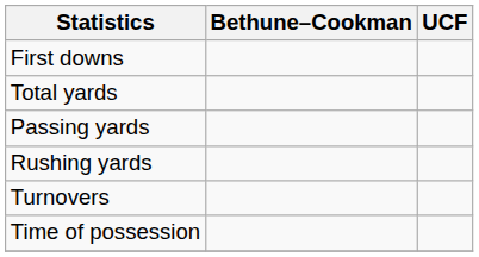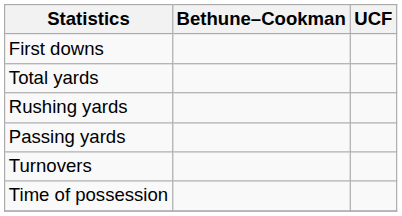 <table class="wikitable">
 <tr>
 <th>Statistics</th>
 <th>Bethune–Cookman</th>
 <th>UCF</th>
 </tr>
 <tr>
 <td>First downs</td>
 <td> </td>
 <td> </td>
 </tr>
 <tr>
 <td>Total yards</td>
 <td> </td>
 <td> </td>
 </tr>
 <tr>
-<td>Passing yards</td>
+<td>Rushing yards</td>
 <td> </td>
 <td> </td>
 </tr>
 <tr>
-<td>Rushing yards</td>
+<td>Passing yards</td>
 <td> </td>
 <td> </td>
 </tr>
 <tr>
 <td>Turnovers</td>
 <td> </td>
 <td> </td>
 </tr>
 <tr>
 <td>Time of possession</td>
 <td> </td>
 <td> </td>
 </tr>
 <tr>
 </tr>
 </table>
